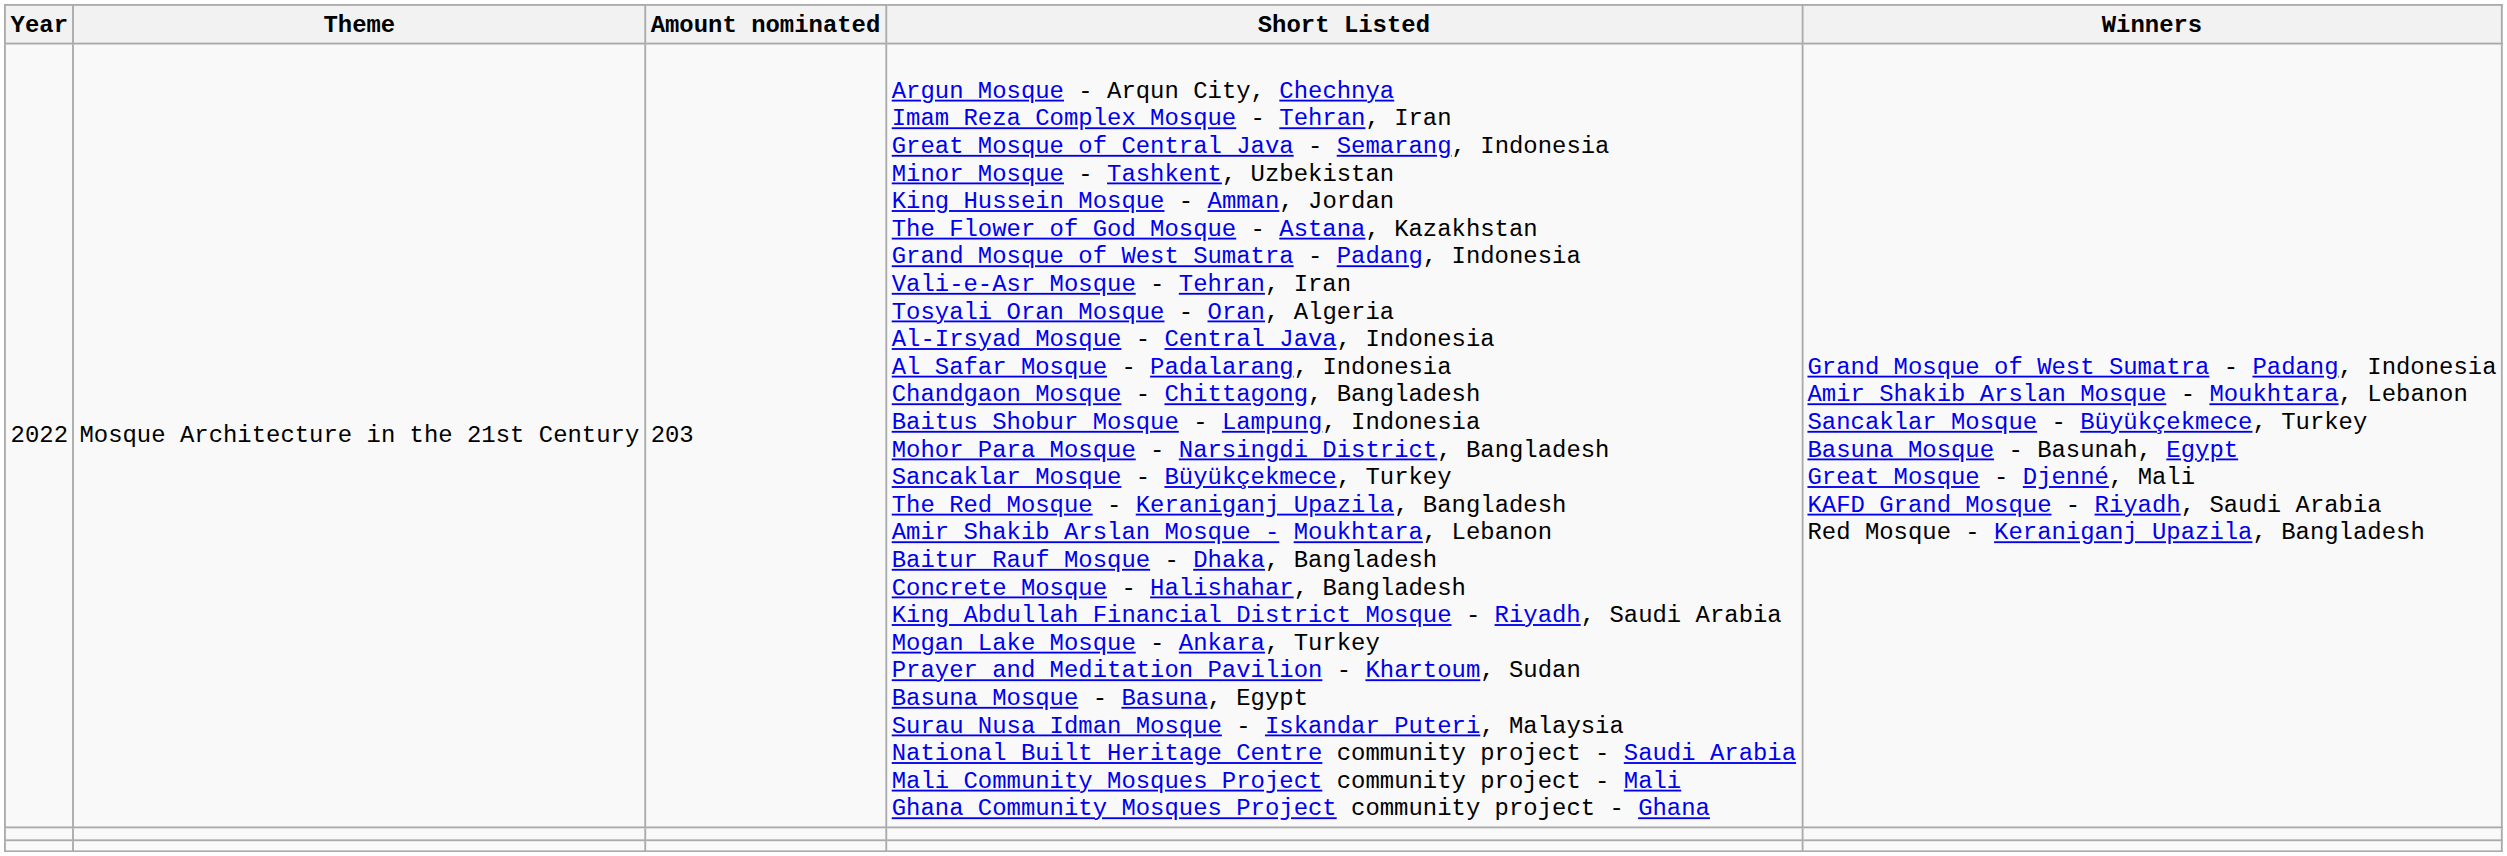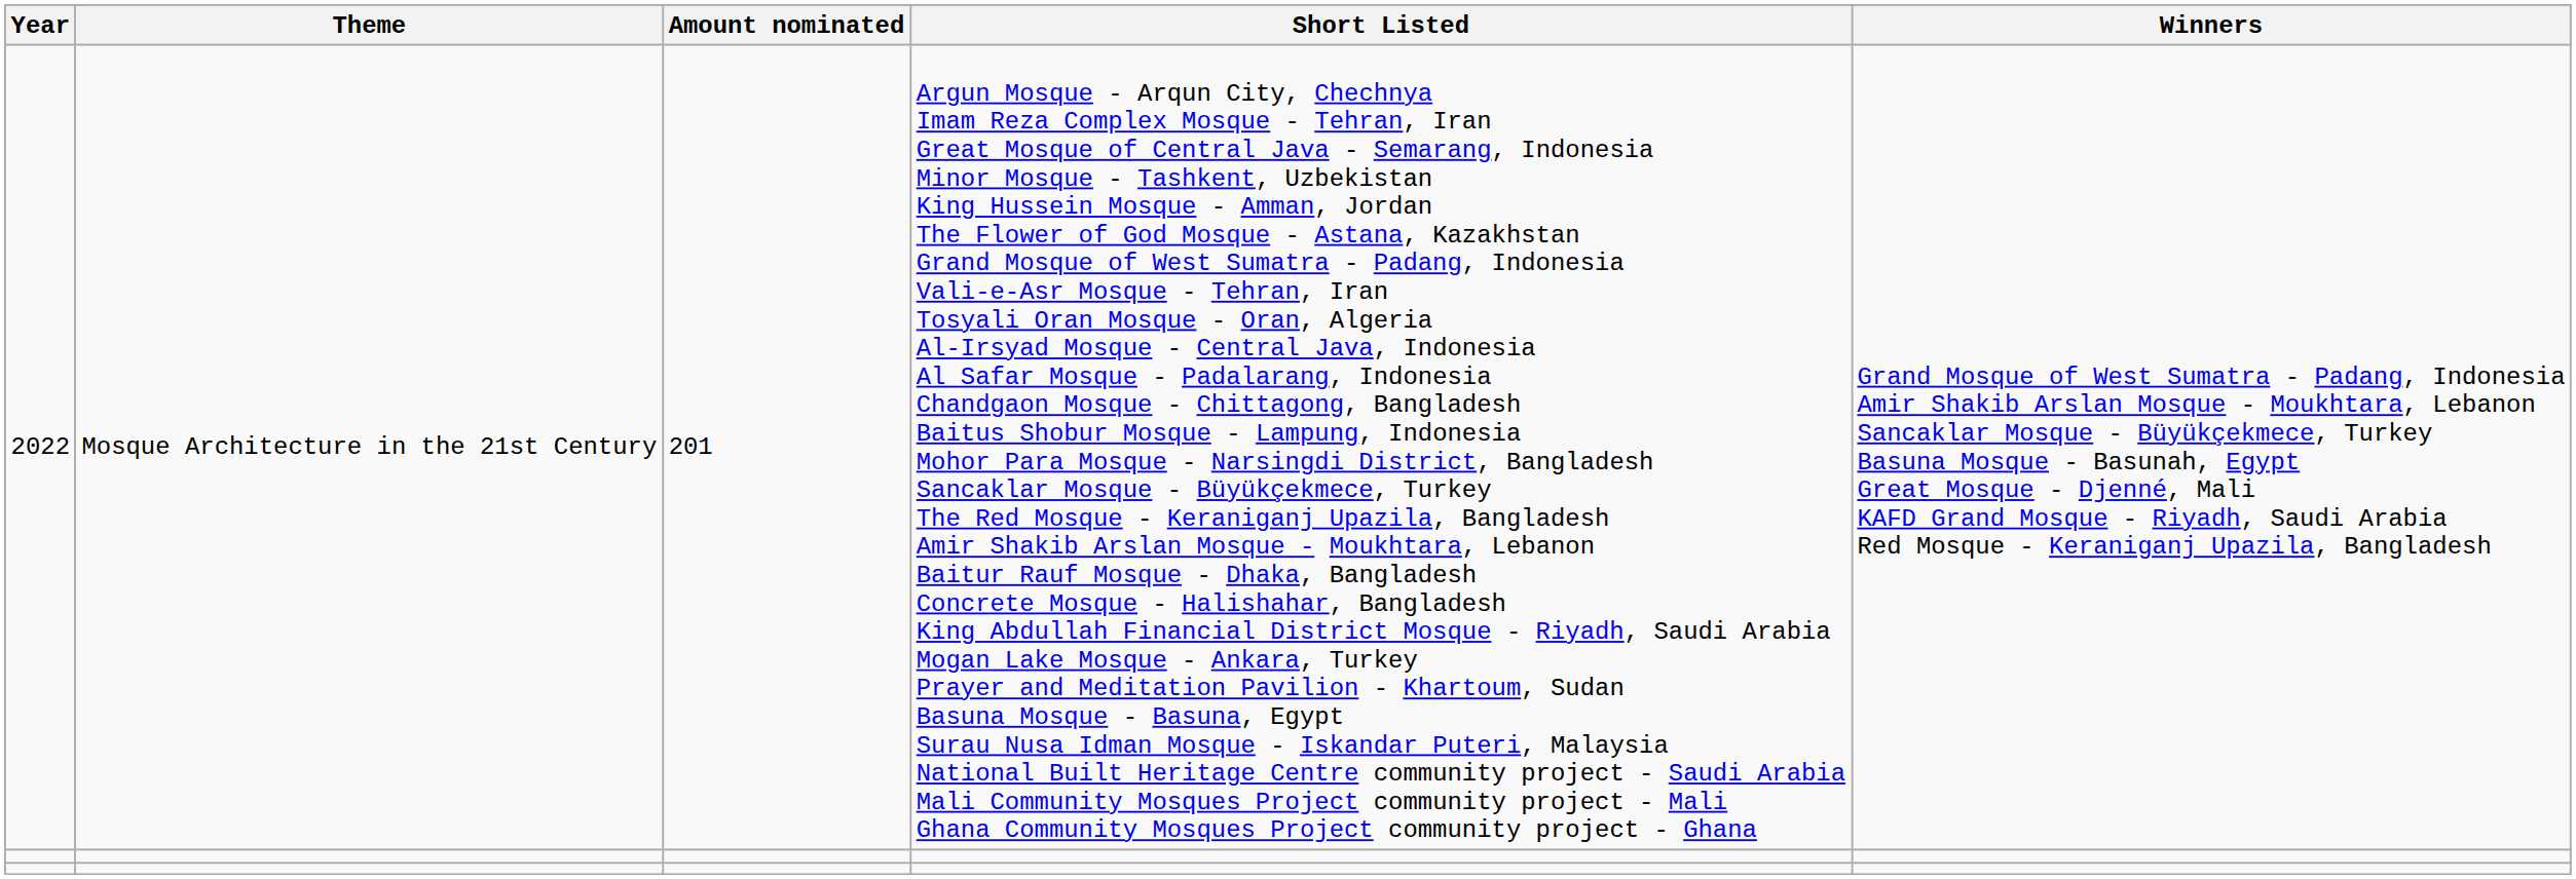 <table class="wikitable">
 <tr>
 <th>Year</th>
 <th>Theme</th>
 <th>Amount nominated</th>
 <th>Short Listed</th>
 <th>Winners</th>
 </tr>
 <tr>
 <td>2022</td>
 <td>Mosque Architecture in the 21st Century</td>
-<td>203</td>
+<td>201</td>
 <td><br><a href='#'>Argun Mosque</a> - Arqun City, <a href='#'>Chechnya</a><br> <a href='#'>Imam Reza Complex Mosque</a> - <a href='#'>Tehran</a>, Iran<br> <a href='#'>Great Mosque of Central Java</a> - <a href='#'>Semarang</a>, Indonesia<br> <a href='#'>Minor Mosque</a> - <a href='#'>Tashkent</a>, Uzbekistan<br> <a href='#'>King Hussein Mosque</a> - <a href='#'>Amman</a>, Jordan<br> <a href='#'>The Flower of God Mosque</a> - <a href='#'>Astana</a>, Kazakhstan<br> <a href='#'>Grand Mosque of West Sumatra</a> - <a href='#'>Padang</a>, Indonesia<br> <a href='#'>Vali-e-Asr Mosque</a> - <a href='#'>Tehran</a>, Iran<br> <a href='#'>Tosyali Oran Mosque</a> - <a href='#'>Oran</a>, Algeria<br> <a href='#'>Al-Irsyad Mosque</a> - <a href='#'>Central Java</a>, Indonesia<br> <a href='#'>Al Safar Mosque</a> - <a href='#'>Padalarang</a>, Indonesia<br> <a href='#'>Chandgaon Mosque</a> - <a href='#'>Chittagong</a>, Bangladesh<br> <a href='#'>Baitus Shobur Mosque</a> - <a href='#'>Lampung</a>, Indonesia<br> <a href='#'>Mohor Para Mosque</a> - <a href='#'>Narsingdi District</a>, Bangladesh<br> <a href='#'>Sancaklar Mosque</a> - <a href='#'>Büyükçekmece</a>, Turkey<br> <a href='#'>The Red Mosque</a> - <a href='#'>Keraniganj Upazila</a>, Bangladesh<br> <a href='#'>Amir Shakib Arslan Mosque -</a> <a href='#'>Moukhtara</a>, Lebanon<br> <a href='#'>Baitur Rauf Mosque</a> - <a href='#'>Dhaka</a>, Bangladesh<br> <a href='#'>Concrete Mosque</a> - <a href='#'>Halishahar</a>, Bangladesh<br> <a href='#'>King Abdullah Financial District Mosque</a> - <a href='#'>Riyadh</a>, Saudi Arabia<br> <a href='#'>Mogan Lake Mosque</a> - <a href='#'>Ankara</a>, Turkey<br> <a href='#'>Prayer and Meditation Pavilion</a> - <a href='#'>Khartoum</a>, Sudan<br> <a href='#'>Basuna Mosque</a> - <a href='#'>Basuna</a>, Egypt<br> <a href='#'>Surau Nusa Idman Mosque</a> - <a href='#'>Iskandar Puteri</a>, Malaysia<br> <a href='#'>National Built Heritage Centre</a> community project - <a href='#'>Saudi Arabia</a><br> <a href='#'>Mali Community Mosques Project</a> community project - <a href='#'>Mali</a><br> <a href='#'>Ghana Community Mosques Project</a> community project - <a href='#'>Ghana</a><br></td>
 <td><br><a href='#'>Grand Mosque of West Sumatra</a> - <a href='#'>Padang</a>, Indonesia<br> <a href='#'>Amir Shakib Arslan Mosque</a> - <a href='#'>Moukhtara</a>, Lebanon<br> <a href='#'>Sancaklar Mosque</a> - <a href='#'>Büyükçekmece</a>, Turkey<br> <a href='#'>Basuna Mosque</a> - Basunah, <a href='#'>Egypt</a><br> <a href='#'>Great Mosque</a> - <a href='#'>Djenné</a>, Mali<br> <a href='#'>KAFD Grand Mosque</a> - <a href='#'>Riyadh</a>, Saudi Arabia<br> Red Mosque - <a href='#'>Keraniganj Upazila</a>, Bangladesh</td>
 </tr>
 <tr>
 <td></td>
 <td></td>
 <td></td>
 <td></td>
 <td></td>
 </tr>
 <tr>
 <td></td>
 <td></td>
 <td></td>
 <td></td>
 <td></td>
 </tr>
 </table>
